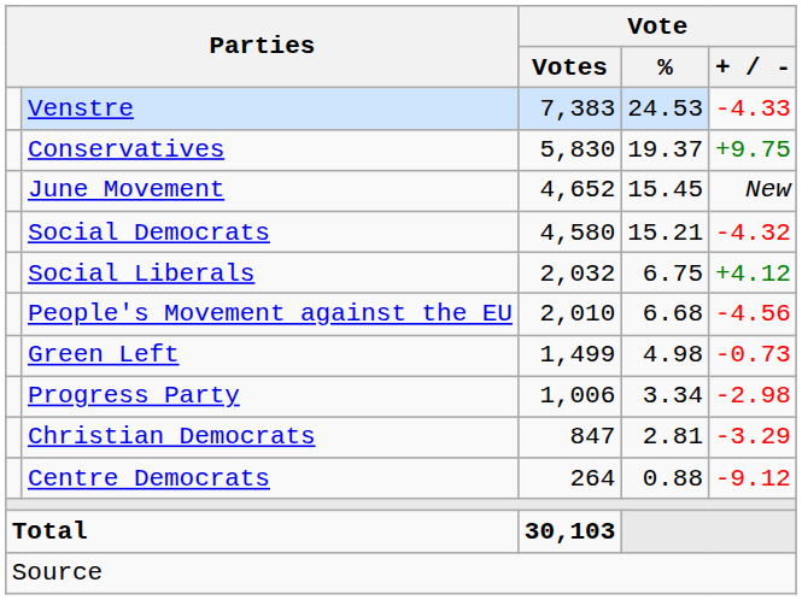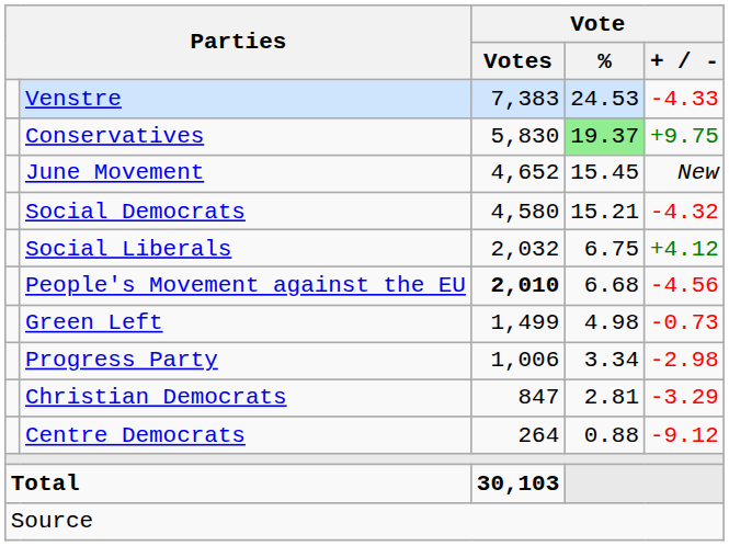 <table class="wikitable" style="text-align:right;">
 <tr>
 <th style="text-align:centre;" rowspan="2" colspan="2" width="225">Parties</th>
 <th colspan="3">Vote</th>
 </tr>
 <tr>
 <th width="15">Votes</th>
 <th width="15">%</th>
 <th width="15">+ / -</th>
 </tr>
 <tr>
 <td width="2" style="color:inherit;background:"></td>
 <td bgcolor=#cfe5fe   align="left"><a href='#'>Venstre</a></td>
 <td bgcolor=#cfe5fe>7,383</td>
 <td bgcolor=#cfe5fe>24.53</td>
 <td style=color:red;>-4.33</td>
 </tr>
 <tr>
 <td width="2" style="color:inherit;background:"></td>
 <td align="left"><a href='#'>Conservatives</a></td>
 <td>5,830</td>
-<td>19.37</td>
+<td style="background: lightgreen;">19.37</td>
 <td style=color:green;>+9.75</td>
 </tr>
 <tr>
 <td width="2" style="color:inherit;background:"></td>
 <td align="left"><a href='#'>June Movement</a></td>
 <td>4,652</td>
 <td>15.45</td>
 <td><em>New</em></td>
 </tr>
 <tr>
 <td width="2" style="color:inherit;background:"></td>
 <td align="left"><a href='#'>Social Democrats</a></td>
 <td>4,580</td>
 <td>15.21</td>
 <td style=color:red;>-4.32</td>
 </tr>
 <tr>
 <td width="2" style="color:inherit;background:"></td>
 <td align="left"><a href='#'>Social Liberals</a></td>
 <td>2,032</td>
 <td>6.75</td>
 <td style=color:green;>+4.12</td>
 </tr>
 <tr>
 <td width="2" style="color:inherit;background:"></td>
 <td align="left"><a href='#'>People's Movement against the EU</a></td>
-<td>2,010</td>
+<td><strong>2,010</strong></td>
 <td>6.68</td>
 <td style=color:red;>-4.56</td>
 </tr>
 <tr>
 <td width="2" style="color:inherit;background:"></td>
 <td align="left"><a href='#'>Green Left</a></td>
 <td>1,499</td>
 <td>4.98</td>
 <td style=color:red;>-0.73</td>
 </tr>
 <tr>
 <td width="2" style="color:inherit;background:"></td>
 <td align="left"><a href='#'>Progress Party</a></td>
 <td>1,006</td>
 <td>3.34</td>
 <td style=color:red;>-2.98</td>
 </tr>
 <tr>
 <td width="2" style="color:inherit;background:"></td>
 <td align="left"><a href='#'>Christian Democrats</a></td>
 <td>847</td>
 <td>2.81</td>
 <td style=color:red;>-3.29</td>
 </tr>
 <tr>
 <td width="2" style="color:inherit;background:"></td>
 <td align="left"><a href='#'>Centre Democrats</a></td>
 <td>264</td>
 <td>0.88</td>
 <td style=color:red;>-9.12</td>
 </tr>
 <tr>
 <td colspan="7" bgcolor="#E9E9E9"></td>
 </tr>
 <tr>
 <td align="left" colspan="2"><strong>Total</strong></td>
 <td><strong>30,103</strong></td>
 <td bgcolor="#E9E9E9" colspan="2"></td>
 </tr>
 <tr>
 <td align="left" colspan="6">Source</td>
 </tr>
 </table>
